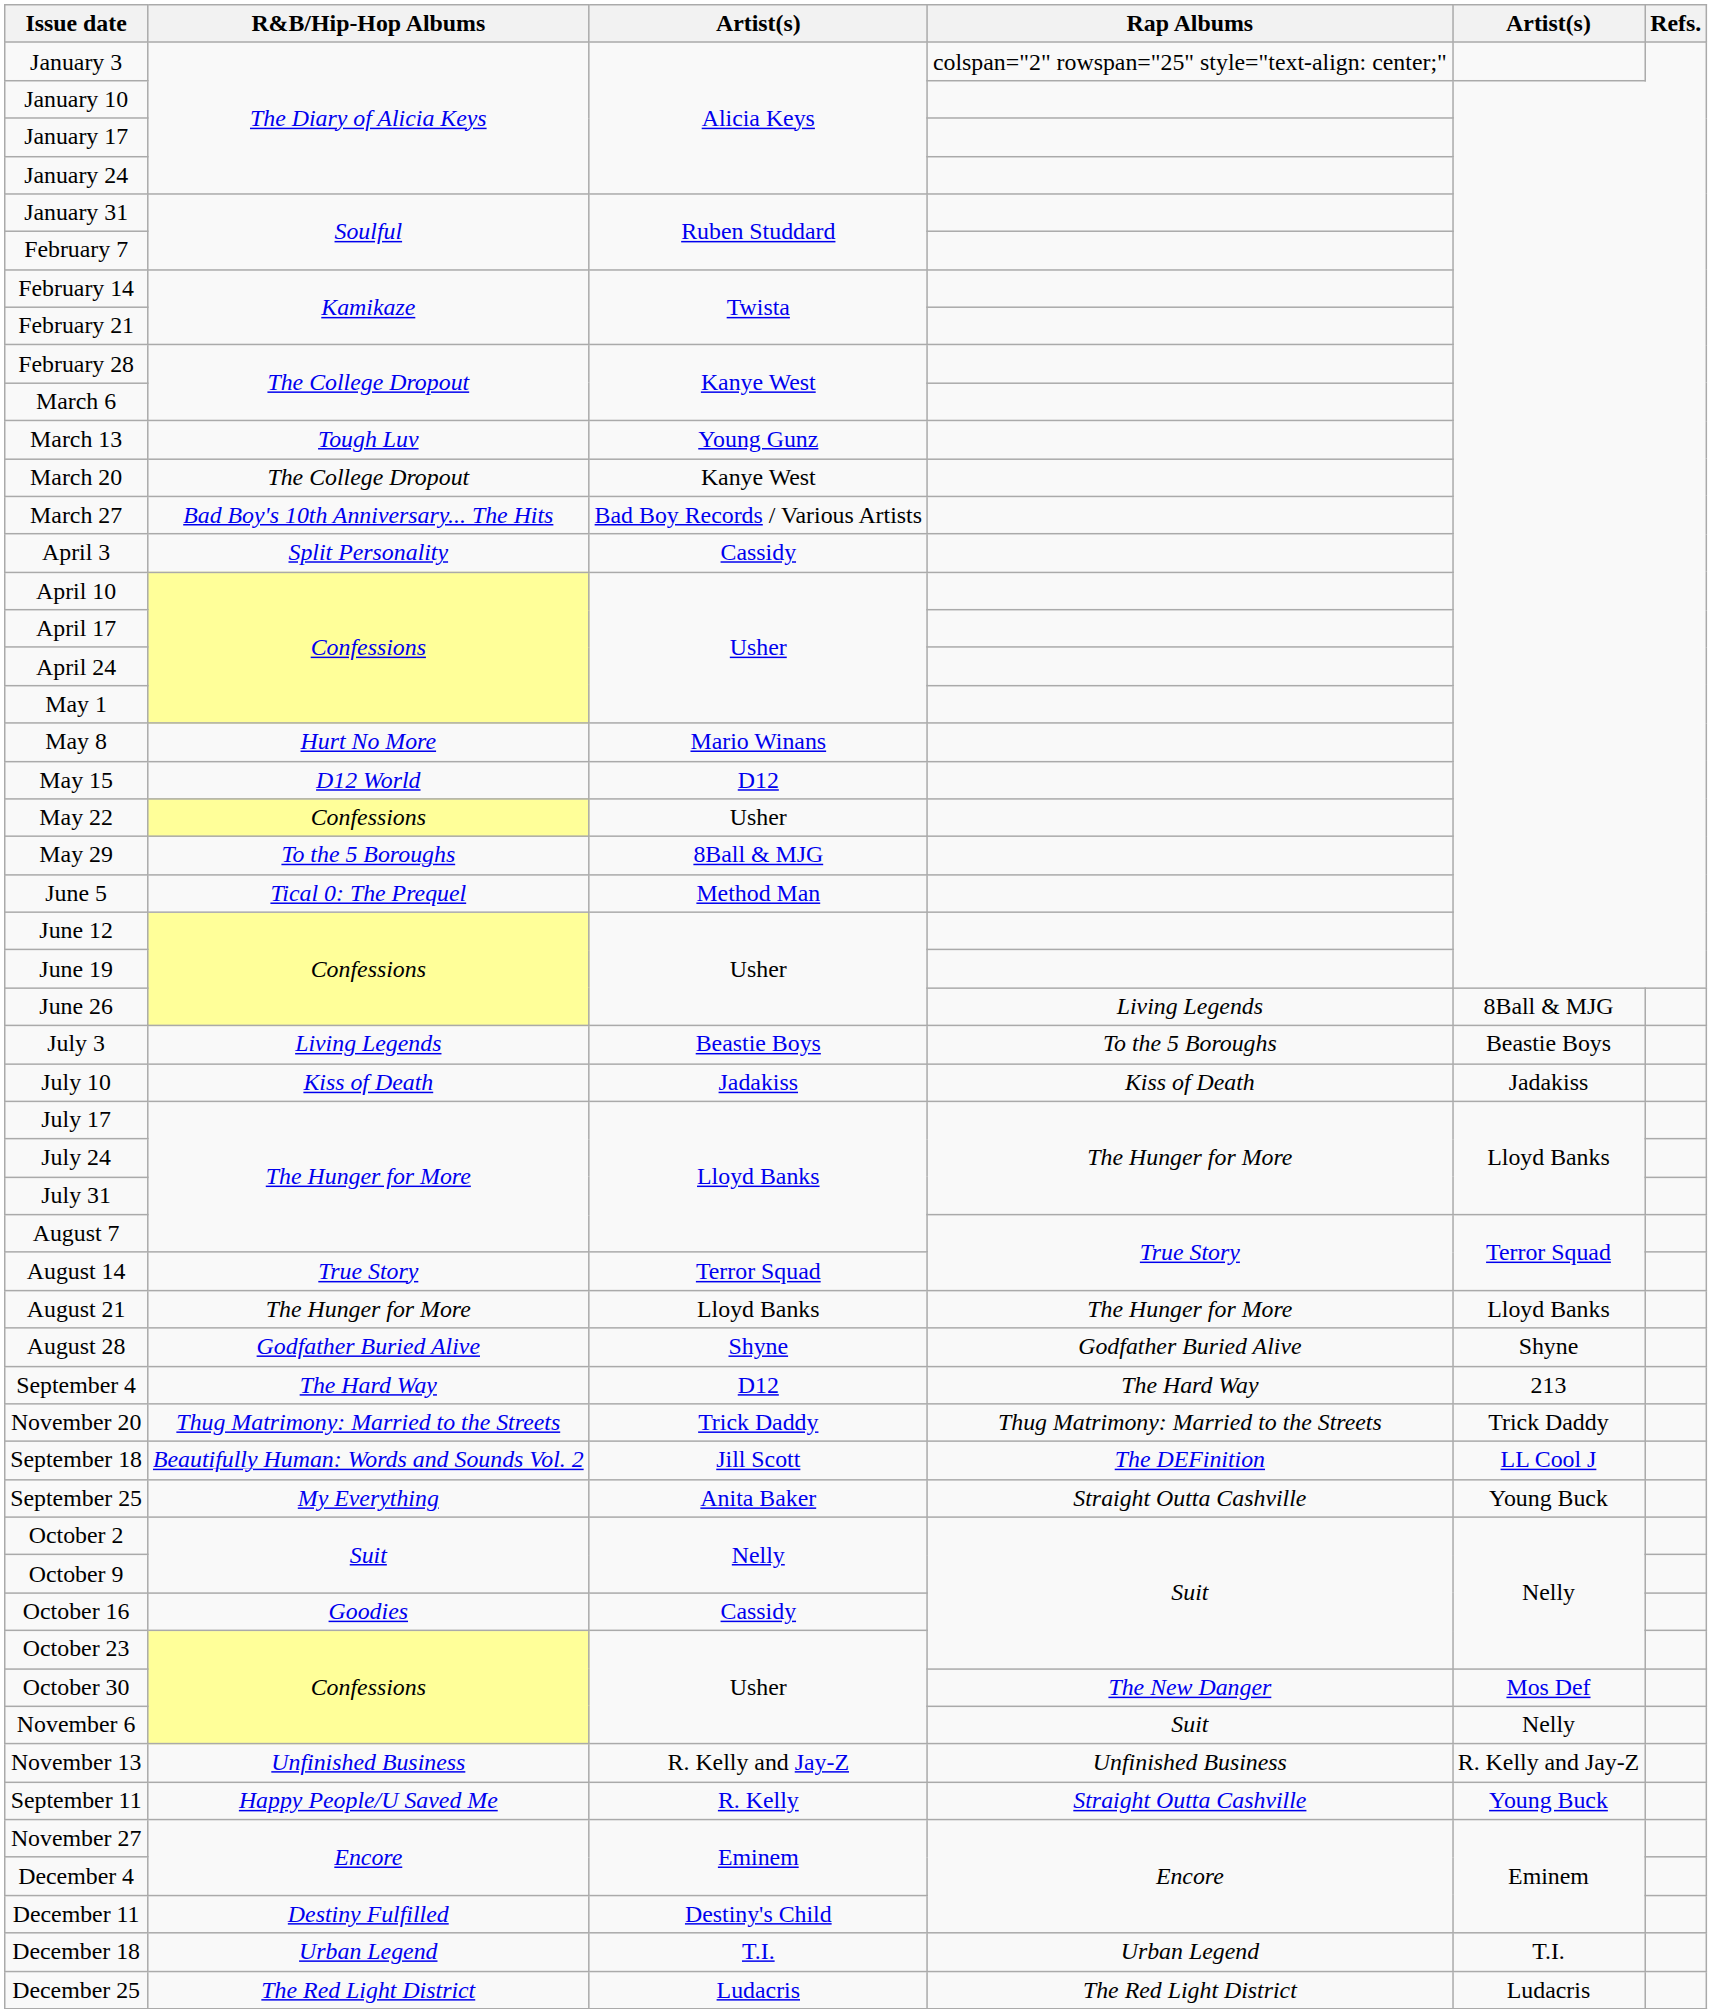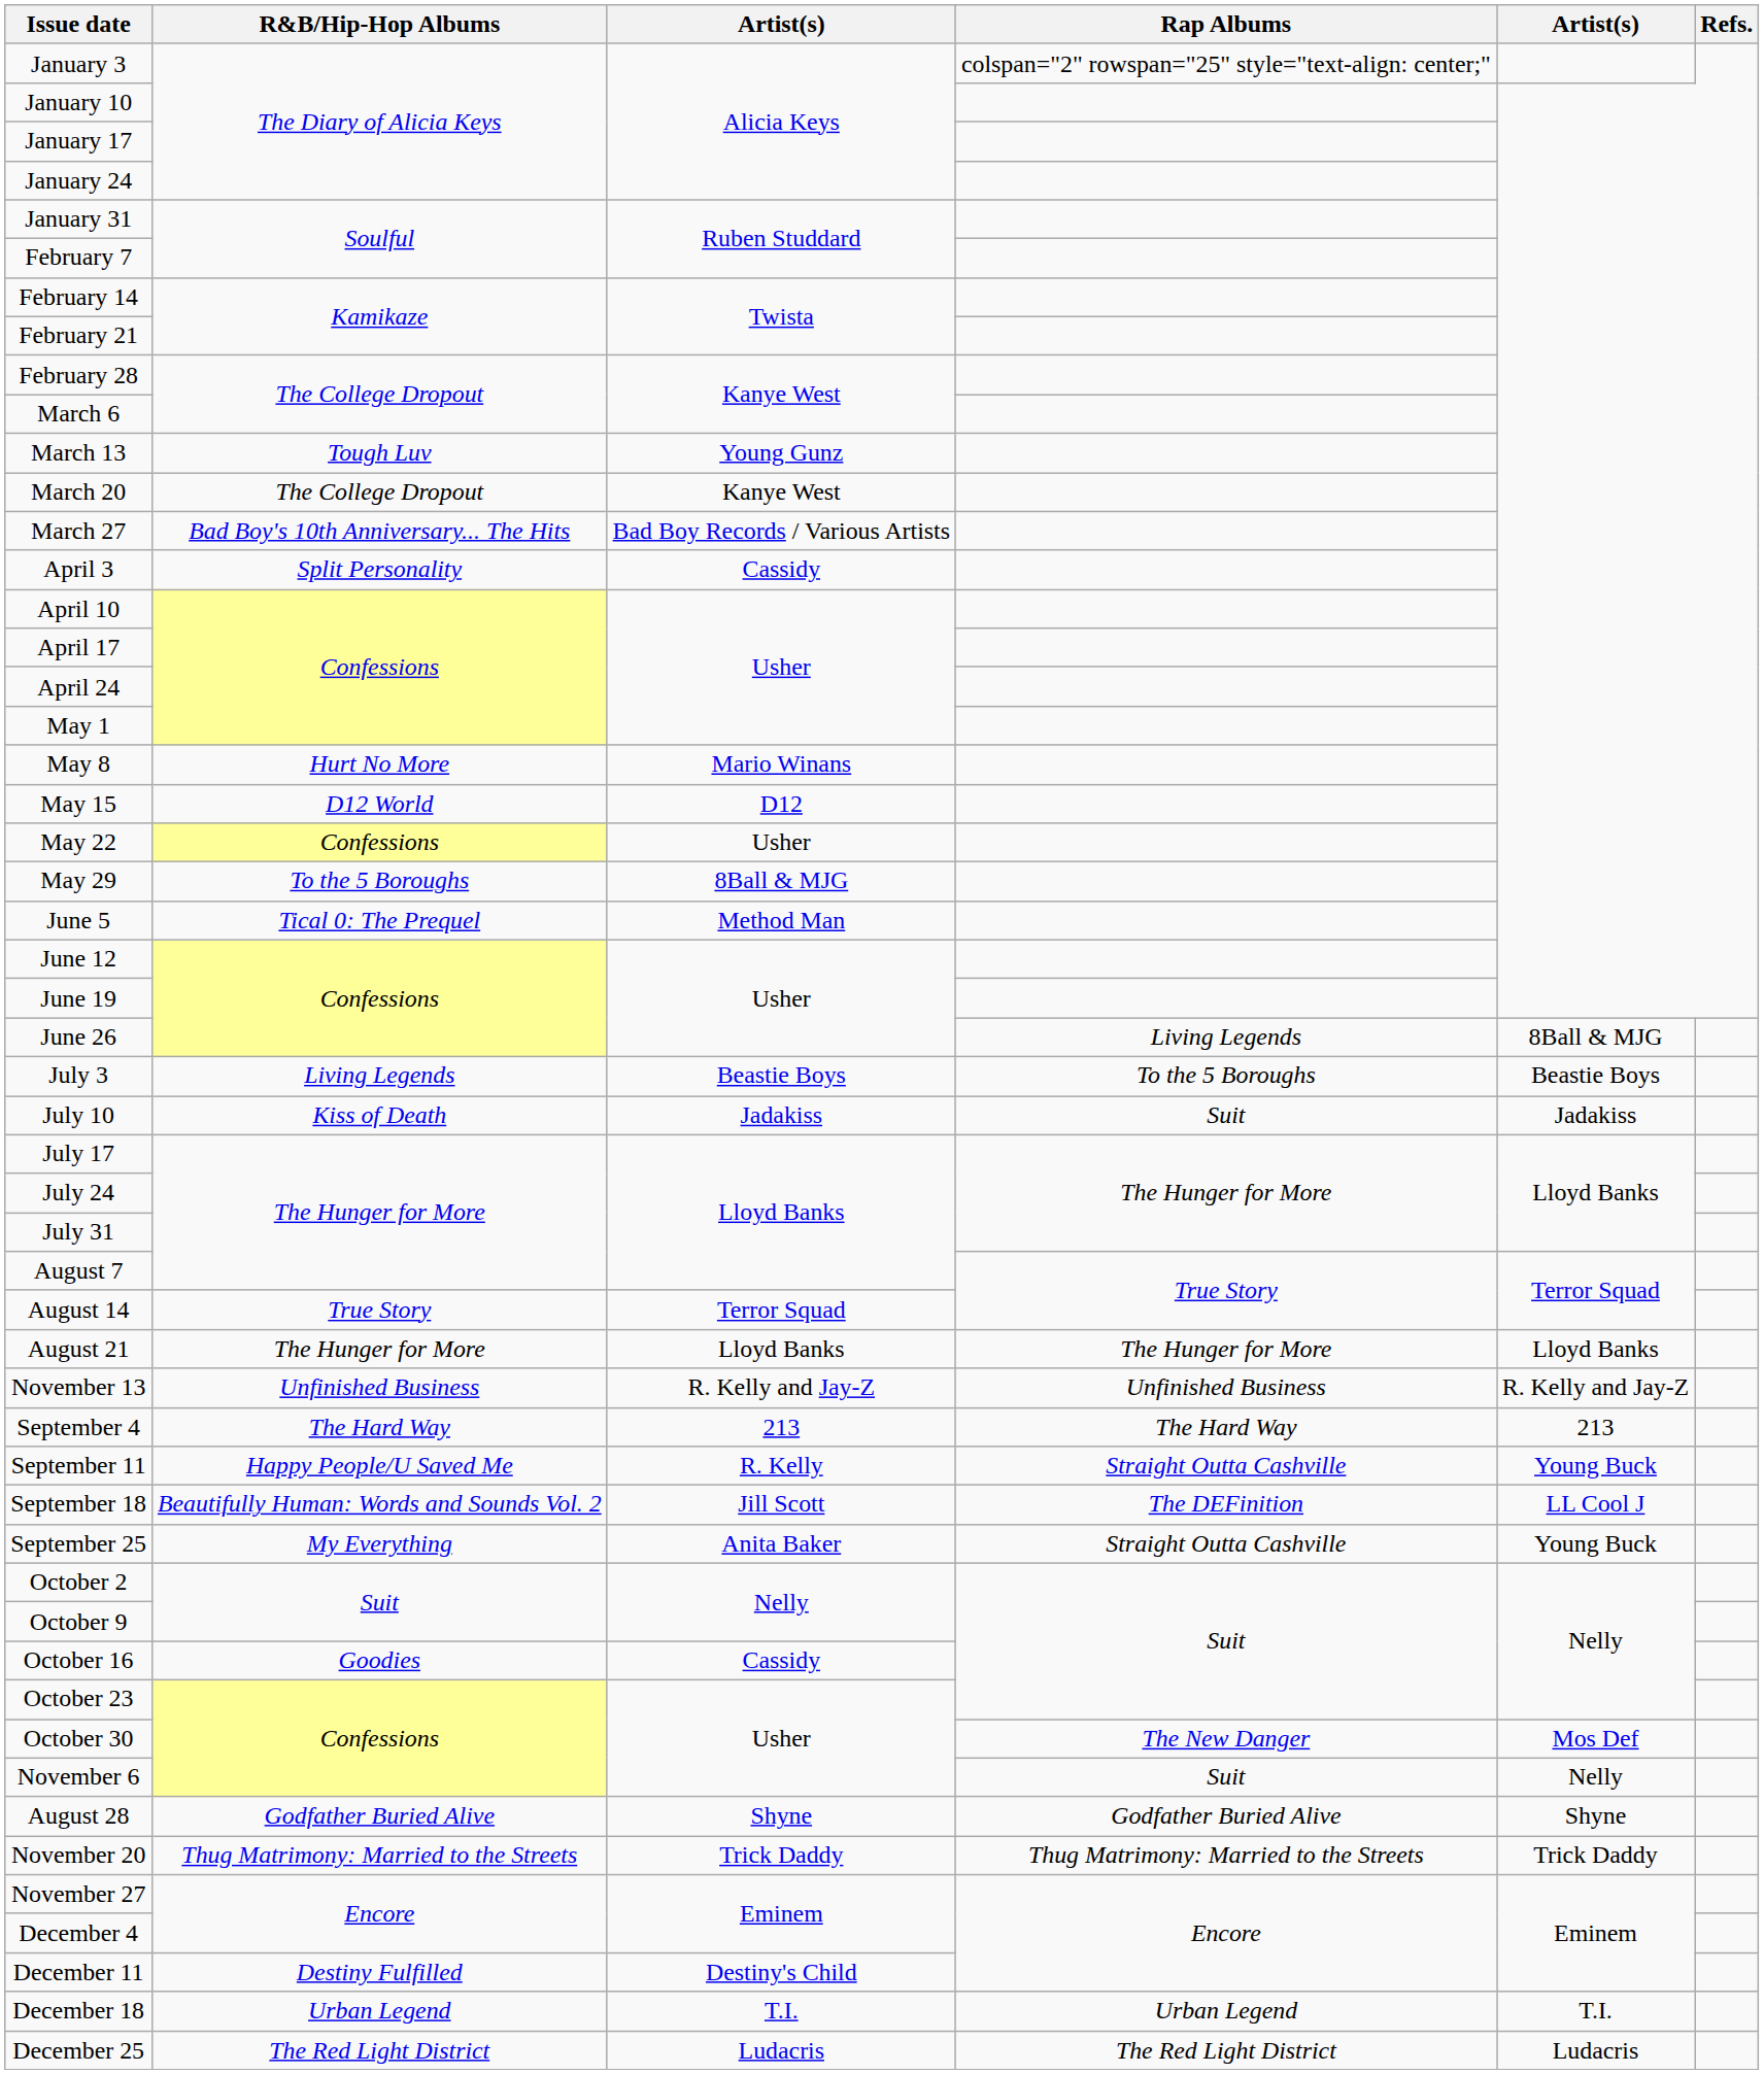 <table class="wikitable" style="text-align: center;">
 <tr>
 <th>Issue date</th>
 <th>R&B/Hip-Hop Albums</th>
 <th>Artist(s)</th>
 <th>Rap Albums</th>
 <th>Artist(s)</th>
 <th>Refs.</th>
 </tr>
 <tr>
 <td>January 3</td>
 <td rowspan="4"><em><a href='#'>The Diary of Alicia Keys</a></em></td>
 <td rowspan="4"><a href='#'>Alicia Keys</a></td>
 <td>colspan="2" rowspan="25" style="text-align: center;" </td>
 <td></td>
 </tr>
 <tr>
 <td>January 10</td>
 <td></td>
 </tr>
 <tr>
 <td>January 17</td>
 <td></td>
 </tr>
 <tr>
 <td>January 24</td>
 <td></td>
 </tr>
 <tr>
 <td>January 31</td>
 <td rowspan="2"><em><a href='#'>Soulful</a></em></td>
 <td rowspan="2"><a href='#'>Ruben Studdard</a></td>
 <td></td>
 </tr>
 <tr>
 <td>February 7</td>
 <td></td>
 </tr>
 <tr>
 <td>February 14</td>
 <td rowspan="2"><em><a href='#'>Kamikaze</a></em></td>
 <td rowspan="2"><a href='#'>Twista</a></td>
 <td></td>
 </tr>
 <tr>
 <td>February 21</td>
 <td></td>
 </tr>
 <tr>
 <td>February 28</td>
 <td rowspan="2"><em><a href='#'>The College Dropout</a></em></td>
 <td rowspan="2"><a href='#'>Kanye West</a></td>
 <td></td>
 </tr>
 <tr>
 <td>March 6</td>
 <td></td>
 </tr>
 <tr>
 <td>March 13</td>
 <td><em><a href='#'>Tough Luv</a></em></td>
 <td><a href='#'>Young Gunz</a></td>
 <td></td>
 </tr>
 <tr>
 <td>March 20</td>
 <td><em>The College Dropout</em></td>
 <td>Kanye West</td>
 <td></td>
 </tr>
 <tr>
 <td>March 27</td>
 <td><em><a href='#'>Bad Boy's 10th Anniversary... The Hits</a></em></td>
 <td><a href='#'>Bad Boy Records</a> / Various Artists</td>
 <td></td>
 </tr>
 <tr>
 <td>April 3</td>
 <td><em><a href='#'>Split Personality</a></em></td>
 <td><a href='#'>Cassidy</a></td>
 <td></td>
 </tr>
 <tr>
 <td>April 10</td>
 <td style="background:#ff9;" rowspan=4><em><a href='#'>Confessions</a></em> </td>
 <td rowspan=4><a href='#'>Usher</a></td>
 <td></td>
 </tr>
 <tr>
 <td>April 17</td>
 <td></td>
 </tr>
 <tr>
 <td>April 24</td>
 <td></td>
 </tr>
 <tr>
 <td>May 1</td>
 <td></td>
 </tr>
 <tr>
 <td>May 8</td>
 <td><em><a href='#'>Hurt No More</a></em></td>
 <td><a href='#'>Mario Winans</a></td>
 <td></td>
 </tr>
 <tr>
 <td>May 15</td>
 <td><em><a href='#'>D12 World</a></em></td>
 <td><a href='#'>D12</a></td>
 <td></td>
 </tr>
 <tr>
 <td>May 22</td>
 <td style="background:#ff9;"><em>Confessions</em> </td>
 <td>Usher</td>
 <td></td>
 </tr>
 <tr>
 <td>May 29</td>
 <td><em><a href='#'>To the 5 Boroughs</a></em></td>
 <td><a href='#'>8Ball & MJG</a></td>
 <td></td>
 </tr>
 <tr>
 <td>June 5</td>
 <td><em><a href='#'>Tical 0: The Prequel</a></em></td>
 <td><a href='#'>Method Man</a></td>
 <td></td>
 </tr>
 <tr>
 <td>June 12</td>
 <td style="background:#ff9;" rowspan=3><em>Confessions</em> </td>
 <td rowspan=3>Usher</td>
 <td></td>
 </tr>
 <tr>
 <td>June 19</td>
 <td></td>
 </tr>
 <tr>
 <td>June 26</td>
 <td><em>Living Legends</em></td>
 <td>8Ball & MJG</td>
 <td></td>
 </tr>
 <tr>
 <td>July 3</td>
 <td><em><a href='#'>Living Legends</a></em></td>
 <td><a href='#'>Beastie Boys</a></td>
 <td><em>To the 5 Boroughs</em></td>
 <td>Beastie Boys</td>
 <td></td>
 </tr>
 <tr>
 <td>July 10</td>
 <td><em><a href='#'>Kiss of Death</a></em></td>
 <td><a href='#'>Jadakiss</a></td>
-<td><em>Kiss of Death</em></td>
+<td><em>Suit</em></td>
 <td>Jadakiss</td>
 <td></td>
 </tr>
 <tr>
 <td>July 17</td>
 <td rowspan=4><em><a href='#'>The Hunger for More</a></em></td>
 <td rowspan=4><a href='#'>Lloyd Banks</a></td>
 <td rowspan=3><em>The Hunger for More</em></td>
 <td rowspan=3>Lloyd Banks</td>
 <td></td>
 </tr>
 <tr>
 <td>July 24</td>
 <td></td>
 </tr>
 <tr>
 <td>July 31</td>
 <td></td>
 </tr>
 <tr>
 <td>August 7</td>
 <td rowspan="2"><em><a href='#'>True Story</a></em></td>
 <td rowspan="2"><a href='#'>Terror Squad</a></td>
 <td></td>
 </tr>
 <tr>
 <td>August 14</td>
 <td><em><a href='#'>True Story</a></em></td>
 <td><a href='#'>Terror Squad</a></td>
 <td></td>
 </tr>
 <tr>
 <td>August 21</td>
 <td><em>The Hunger for More</em></td>
 <td>Lloyd Banks</td>
 <td><em>The Hunger for More</em></td>
 <td>Lloyd Banks</td>
 <td></td>
 </tr>
 <tr>
-<td>August 28</td>
-<td><em><a href='#'>Godfather Buried Alive</a></em></td>
-<td><a href='#'>Shyne</a></td>
-<td><em>Godfather Buried Alive</em></td>
-<td>Shyne</td>
+<td>November 13</td>
+<td><em><a href='#'>Unfinished Business</a></em></td>
+<td>R. Kelly and <a href='#'>Jay-Z</a></td>
+<td><em>Unfinished Business</em></td>
+<td>R. Kelly and Jay-Z</td>
 <td></td>
 </tr>
 <tr>
 <td>September 4</td>
 <td><em><a href='#'>The Hard Way</a></em></td>
-<td><a href='#'>D12</a></td>
+<td><a href='#'>213</a></td>
 <td><em>The Hard Way</em></td>
 <td>213</td>
 <td></td>
 </tr>
 <tr>
-<td>November 20</td>
-<td><em><a href='#'>Thug Matrimony: Married to the Streets</a></em></td>
-<td><a href='#'>Trick Daddy</a></td>
-<td><em>Thug Matrimony: Married to the Streets</em></td>
-<td>Trick Daddy</td>
+<td>September 11</td>
+<td><em><a href='#'>Happy People/U Saved Me</a></em></td>
+<td><a href='#'>R. Kelly</a></td>
+<td><em><a href='#'>Straight Outta Cashville</a></em></td>
+<td><a href='#'>Young Buck</a></td>
 <td></td>
 </tr>
 <tr>
 <td>September 18</td>
 <td><em><a href='#'>Beautifully Human: Words and Sounds Vol. 2</a></em></td>
 <td><a href='#'>Jill Scott</a></td>
 <td><em><a href='#'>The DEFinition</a></em></td>
 <td><a href='#'>LL Cool J</a></td>
 <td></td>
 </tr>
 <tr>
 <td>September 25</td>
 <td><em><a href='#'>My Everything</a></em></td>
 <td><a href='#'>Anita Baker</a></td>
 <td><em>Straight Outta Cashville</em></td>
 <td>Young Buck</td>
 <td></td>
 </tr>
 <tr>
 <td>October 2</td>
 <td rowspan="2"><em><a href='#'>Suit</a></em></td>
 <td rowspan="2"><a href='#'>Nelly</a></td>
 <td rowspan="4"><em>Suit</em></td>
 <td rowspan="4">Nelly</td>
 <td></td>
 </tr>
 <tr>
 <td>October 9</td>
 <td></td>
 </tr>
 <tr>
 <td>October 16</td>
 <td><em><a href='#'>Goodies</a></em></td>
 <td><a href='#'>Cassidy</a></td>
 <td></td>
 </tr>
 <tr>
 <td>October 23</td>
 <td style="background:#ff9;" rowspan=3><em>Confessions</em> </td>
 <td rowspan=3>Usher</td>
 <td></td>
 </tr>
 <tr>
 <td>October 30</td>
 <td><em><a href='#'>The New Danger</a></em></td>
 <td><a href='#'>Mos Def</a></td>
 <td></td>
 </tr>
 <tr>
 <td>November 6</td>
 <td><em>Suit</em></td>
 <td>Nelly</td>
 <td></td>
 </tr>
 <tr>
-<td>November 13</td>
-<td><em><a href='#'>Unfinished Business</a></em></td>
-<td>R. Kelly and <a href='#'>Jay-Z</a></td>
-<td><em>Unfinished Business</em></td>
-<td>R. Kelly and Jay-Z</td>
+<td>August 28</td>
+<td><em><a href='#'>Godfather Buried Alive</a></em></td>
+<td><a href='#'>Shyne</a></td>
+<td><em>Godfather Buried Alive</em></td>
+<td>Shyne</td>
 <td></td>
 </tr>
 <tr>
-<td>September 11</td>
-<td><em><a href='#'>Happy People/U Saved Me</a></em></td>
-<td><a href='#'>R. Kelly</a></td>
-<td><em><a href='#'>Straight Outta Cashville</a></em></td>
-<td><a href='#'>Young Buck</a></td>
+<td>November 20</td>
+<td><em><a href='#'>Thug Matrimony: Married to the Streets</a></em></td>
+<td><a href='#'>Trick Daddy</a></td>
+<td><em>Thug Matrimony: Married to the Streets</em></td>
+<td>Trick Daddy</td>
 <td></td>
 </tr>
 <tr>
 <td>November 27</td>
 <td rowspan="2"><em><a href='#'>Encore</a></em></td>
 <td rowspan="2"><a href='#'>Eminem</a></td>
 <td rowspan="3"><em>Encore</em></td>
 <td rowspan="3">Eminem</td>
 <td></td>
 </tr>
 <tr>
 <td>December 4</td>
 <td></td>
 </tr>
 <tr>
 <td>December 11</td>
 <td><em><a href='#'>Destiny Fulfilled</a></em></td>
 <td><a href='#'>Destiny's Child</a></td>
 <td></td>
 </tr>
 <tr>
 <td>December 18</td>
 <td><em><a href='#'>Urban Legend</a></em></td>
 <td><a href='#'>T.I.</a></td>
 <td><em>Urban Legend</em></td>
 <td>T.I.</td>
 <td></td>
 </tr>
 <tr>
 <td>December 25</td>
 <td><em><a href='#'>The Red Light District</a></em></td>
 <td><a href='#'>Ludacris</a></td>
 <td><em>The Red Light District</em></td>
 <td>Ludacris</td>
 <td></td>
 </tr>
 <tr>
 </tr>
 </table>
